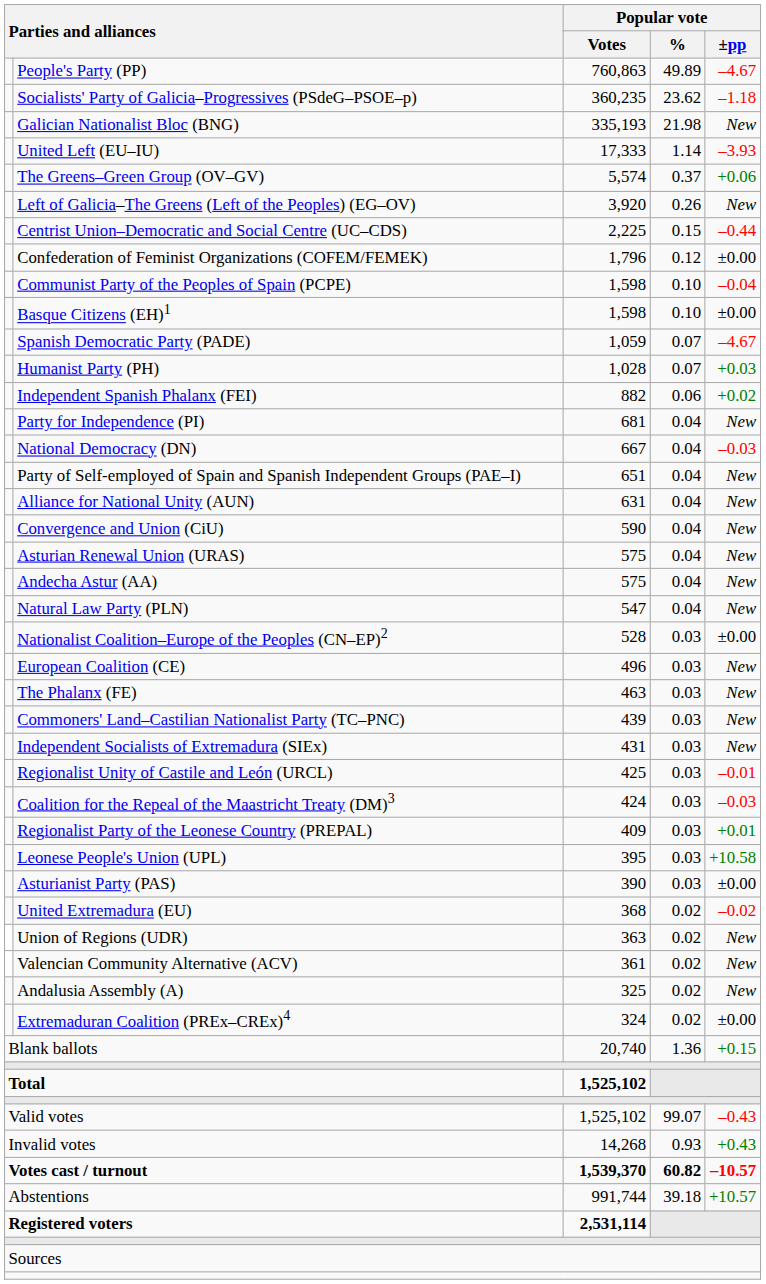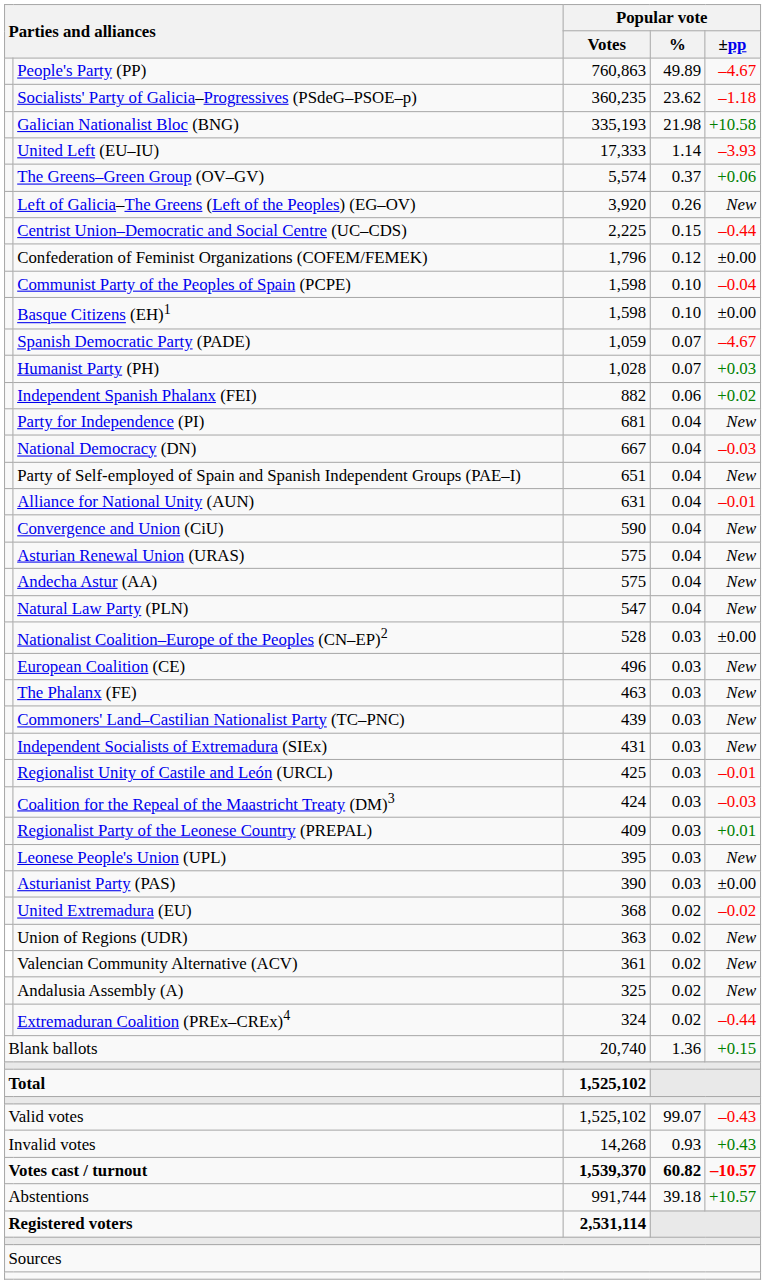 <table class="wikitable" style="text-align:right">
 <tr>
 <th style="text-align:left;" rowspan="2" colspan="2" width="525">Parties and alliances</th>
 <th colspan="3">Popular vote</th>
 </tr>
 <tr>
 <th width="75">Votes</th>
 <th width="45">%</th>
 <th width="45">±<a href='#'>pp</a></th>
 </tr>
 <tr>
 <td width="1" style="color:inherit;background:"></td>
 <td align="left"><a href='#'>People's Party</a> (PP)</td>
 <td>760,863</td>
 <td>49.89</td>
 <td style="color:red;">–4.67</td>
 </tr>
 <tr>
 <td style="color:inherit;background:"></td>
 <td align="left"><a href='#'>Socialists' Party of Galicia</a>–<a href='#'>Progressives</a> (PSdeG–PSOE–p)</td>
 <td>360,235</td>
 <td>23.62</td>
 <td style="color:red;">–1.18</td>
 </tr>
 <tr>
 <td style="color:inherit;background:"></td>
 <td align="left"><a href='#'>Galician Nationalist Bloc</a> (BNG)</td>
 <td>335,193</td>
 <td>21.98</td>
-<td><em>New</em></td>
+<td style="color:green;">+10.58</td>
 </tr>
 <tr>
 <td style="color:inherit;background:"></td>
 <td align="left"><a href='#'>United Left</a> (EU–IU)</td>
 <td>17,333</td>
 <td>1.14</td>
 <td style="color:red;">–3.93</td>
 </tr>
 <tr>
 <td style="color:inherit;background:"></td>
 <td align="left"><a href='#'>The Greens–Green Group</a> (OV–GV)</td>
 <td>5,574</td>
 <td>0.37</td>
 <td style="color:green;">+0.06</td>
 </tr>
 <tr>
 <td style="color:inherit;background:"></td>
 <td align="left"><a href='#'>Left of Galicia</a>–<a href='#'>The Greens</a> (<a href='#'>Left of the Peoples</a>) (EG–OV)</td>
 <td>3,920</td>
 <td>0.26</td>
 <td><em>New</em></td>
 </tr>
 <tr>
 <td style="color:inherit;background:"></td>
 <td align="left"><a href='#'>Centrist Union–Democratic and Social Centre</a> (UC–CDS)</td>
 <td>2,225</td>
 <td>0.15</td>
 <td style="color:red;">–0.44</td>
 </tr>
 <tr>
 <td style="color:inherit;background:"></td>
 <td align="left">Confederation of Feminist Organizations (COFEM/FEMEK)</td>
 <td>1,796</td>
 <td>0.12</td>
 <td>±0.00</td>
 </tr>
 <tr>
 <td style="color:inherit;background:"></td>
 <td align="left"><a href='#'>Communist Party of the Peoples of Spain</a> (PCPE)</td>
 <td>1,598</td>
 <td>0.10</td>
 <td style="color:red;">–0.04</td>
 </tr>
 <tr>
 <td style="color:inherit;background:"></td>
 <td align="left"><a href='#'>Basque Citizens</a> (EH)<sup>1</sup></td>
 <td>1,598</td>
 <td>0.10</td>
 <td>±0.00</td>
 </tr>
 <tr>
 <td style="color:inherit;background:"></td>
 <td align="left"><a href='#'>Spanish Democratic Party</a> (PADE)</td>
 <td>1,059</td>
 <td>0.07</td>
 <td style="color:red;">–4.67</td>
 </tr>
 <tr>
 <td style="color:inherit;background:"></td>
 <td align="left"><a href='#'>Humanist Party</a> (PH)</td>
 <td>1,028</td>
 <td>0.07</td>
 <td style="color:green;">+0.03</td>
 </tr>
 <tr>
 <td style="color:inherit;background:"></td>
 <td align="left"><a href='#'>Independent Spanish Phalanx</a> (FEI)</td>
 <td>882</td>
 <td>0.06</td>
 <td style="color:green;">+0.02</td>
 </tr>
 <tr>
 <td style="color:inherit;background:"></td>
 <td align="left"><a href='#'>Party for Independence</a> (PI)</td>
 <td>681</td>
 <td>0.04</td>
 <td><em>New</em></td>
 </tr>
 <tr>
 <td style="color:inherit;background:"></td>
 <td align="left"><a href='#'>National Democracy</a> (DN)</td>
 <td>667</td>
 <td>0.04</td>
 <td style="color:red;">–0.03</td>
 </tr>
 <tr>
 <td style="color:inherit;background:"></td>
 <td align="left">Party of Self-employed of Spain and Spanish Independent Groups (PAE–I)</td>
 <td>651</td>
 <td>0.04</td>
 <td><em>New</em></td>
 </tr>
 <tr>
 <td style="color:inherit;background:"></td>
 <td align="left"><a href='#'>Alliance for National Unity</a> (AUN)</td>
 <td>631</td>
 <td>0.04</td>
-<td><em>New</em></td>
+<td style="color:red;">–0.01</td>
 </tr>
 <tr>
 <td style="color:inherit;background:"></td>
 <td align="left"><a href='#'>Convergence and Union</a> (CiU)</td>
 <td>590</td>
 <td>0.04</td>
 <td><em>New</em></td>
 </tr>
 <tr>
 <td style="color:inherit;background:"></td>
 <td align="left"><a href='#'>Asturian Renewal Union</a> (URAS)</td>
 <td>575</td>
 <td>0.04</td>
 <td><em>New</em></td>
 </tr>
 <tr>
 <td style="color:inherit;background:"></td>
 <td align="left"><a href='#'>Andecha Astur</a> (AA)</td>
 <td>575</td>
 <td>0.04</td>
 <td><em>New</em></td>
 </tr>
 <tr>
 <td style="color:inherit;background:"></td>
 <td align="left"><a href='#'>Natural Law Party</a> (PLN)</td>
 <td>547</td>
 <td>0.04</td>
 <td><em>New</em></td>
 </tr>
 <tr>
 <td style="color:inherit;background:"></td>
 <td align="left"><a href='#'>Nationalist Coalition–Europe of the Peoples</a> (CN–EP)<sup>2</sup></td>
 <td>528</td>
 <td>0.03</td>
 <td>±0.00</td>
 </tr>
 <tr>
 <td style="color:inherit;background:"></td>
 <td align="left"><a href='#'>European Coalition</a> (CE)</td>
 <td>496</td>
 <td>0.03</td>
 <td><em>New</em></td>
 </tr>
 <tr>
 <td style="color:inherit;background:"></td>
 <td align="left"><a href='#'>The Phalanx</a> (FE)</td>
 <td>463</td>
 <td>0.03</td>
 <td><em>New</em></td>
 </tr>
 <tr>
 <td style="color:inherit;background:"></td>
 <td align="left"><a href='#'>Commoners' Land–Castilian Nationalist Party</a> (TC–PNC)</td>
 <td>439</td>
 <td>0.03</td>
 <td><em>New</em></td>
 </tr>
 <tr>
 <td style="color:inherit;background:"></td>
 <td align="left"><a href='#'>Independent Socialists of Extremadura</a> (SIEx)</td>
 <td>431</td>
 <td>0.03</td>
 <td><em>New</em></td>
 </tr>
 <tr>
 <td style="color:inherit;background:"></td>
 <td align="left"><a href='#'>Regionalist Unity of Castile and León</a> (URCL)</td>
 <td>425</td>
 <td>0.03</td>
 <td style="color:red;">–0.01</td>
 </tr>
 <tr>
 <td style="color:inherit;background:"></td>
 <td align="left"><a href='#'>Coalition for the Repeal of the Maastricht Treaty</a> (DM)<sup>3</sup></td>
 <td>424</td>
 <td>0.03</td>
 <td style="color:red;">–0.03</td>
 </tr>
 <tr>
 <td style="color:inherit;background:"></td>
 <td align="left"><a href='#'>Regionalist Party of the Leonese Country</a> (PREPAL)</td>
 <td>409</td>
 <td>0.03</td>
 <td style="color:green;">+0.01</td>
 </tr>
 <tr>
 <td style="color:inherit;background:"></td>
 <td align="left"><a href='#'>Leonese People's Union</a> (UPL)</td>
 <td>395</td>
 <td>0.03</td>
-<td style="color:green;">+10.58</td>
+<td><em>New</em></td>
 </tr>
 <tr>
 <td style="color:inherit;background:"></td>
 <td align="left"><a href='#'>Asturianist Party</a> (PAS)</td>
 <td>390</td>
 <td>0.03</td>
 <td>±0.00</td>
 </tr>
 <tr>
 <td style="color:inherit;background:"></td>
 <td align="left"><a href='#'>United Extremadura</a> (EU)</td>
 <td>368</td>
 <td>0.02</td>
 <td style="color:red;">–0.02</td>
 </tr>
 <tr>
 <td bgcolor="white"></td>
 <td align="left">Union of Regions (UDR)</td>
 <td>363</td>
 <td>0.02</td>
 <td><em>New</em></td>
 </tr>
 <tr>
 <td bgcolor="white"></td>
 <td align="left">Valencian Community Alternative (ACV)</td>
 <td>361</td>
 <td>0.02</td>
 <td><em>New</em></td>
 </tr>
 <tr>
 <td style="color:inherit;background:"></td>
 <td align="left">Andalusia Assembly (A)</td>
 <td>325</td>
 <td>0.02</td>
 <td><em>New</em></td>
 </tr>
 <tr>
 <td style="color:inherit;background:"></td>
 <td align="left"><a href='#'>Extremaduran Coalition</a> (PREx–CREx)<sup>4</sup></td>
 <td>324</td>
 <td>0.02</td>
-<td>±0.00</td>
+<td style="color:red;">–0.44</td>
 </tr>
 <tr>
 <td align="left" colspan="2">Blank ballots</td>
 <td>20,740</td>
 <td>1.36</td>
 <td style="color:green;">+0.15</td>
 </tr>
 <tr>
 <td colspan="5" bgcolor="#E9E9E9"></td>
 </tr>
 <tr style="font-weight:bold;">
 <td align="left" colspan="2">Total</td>
 <td>1,525,102</td>
 <td bgcolor="#E9E9E9" colspan="2"></td>
 </tr>
 <tr>
 <td colspan="5" bgcolor="#E9E9E9"></td>
 </tr>
 <tr>
 <td align="left" colspan="2">Valid votes</td>
 <td>1,525,102</td>
 <td>99.07</td>
 <td style="color:red;">–0.43</td>
 </tr>
 <tr>
 <td align="left" colspan="2">Invalid votes</td>
 <td>14,268</td>
 <td>0.93</td>
 <td style="color:green;">+0.43</td>
 </tr>
 <tr style="font-weight:bold;">
 <td align="left" colspan="2">Votes cast / turnout</td>
 <td>1,539,370</td>
 <td>60.82</td>
 <td style="color:red;">–10.57</td>
 </tr>
 <tr>
 <td align="left" colspan="2">Abstentions</td>
 <td>991,744</td>
 <td>39.18</td>
 <td style="color:green;">+10.57</td>
 </tr>
 <tr style="font-weight:bold;">
 <td align="left" colspan="2">Registered voters</td>
 <td>2,531,114</td>
 <td bgcolor="#E9E9E9" colspan="2"></td>
 </tr>
 <tr>
 <td colspan="5" bgcolor="#E9E9E9"></td>
 </tr>
 <tr>
 <td align="left" colspan="5">Sources</td>
 </tr>
 <tr>
 <td colspan="5" style="text-align:left; max-width:680px;"></td>
 </tr>
 </table>
